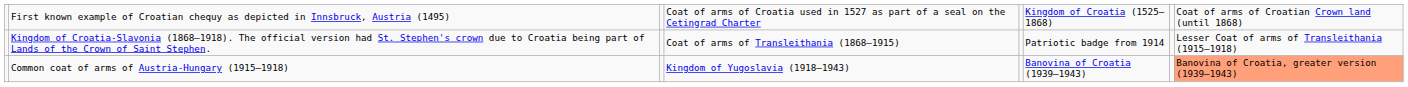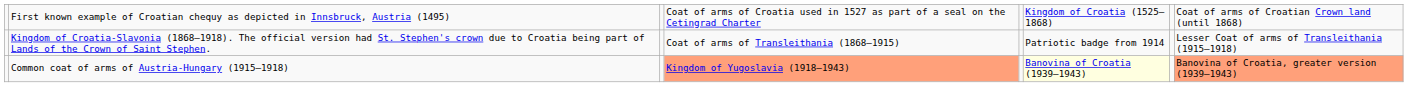 <table class="wikitable">
 <tr>
 <td></td>
 <td>First known example of Croatian chequy as depicted in <a href='#'>Innsbruck</a>, <a href='#'>Austria</a> (1495)</td>
 <td></td>
 <td>Coat of arms of Croatia used in 1527 as part of a seal on the <a href='#'>Cetingrad Charter</a></td>
 <td></td>
 <td><a href='#'>Kingdom of Croatia</a> (1525–1868)</td>
 <td></td>
 <td>Coat of arms of Croatian <a href='#'>Crown land</a> (until 1868)</td>
 </tr>
 <tr>
 <td></td>
 <td><a href='#'>Kingdom of Croatia-Slavonia</a> (1868–1918). The official version had <a href='#'>St. Stephen's crown</a> due to Croatia being part of <a href='#'>Lands of the Crown of Saint Stephen</a>.</td>
 <td></td>
 <td>Coat of arms of <a href='#'>Transleithania</a> (1868–1915)</td>
 <td></td>
 <td>Patriotic badge from 1914</td>
 <td></td>
 <td>Lesser Coat of arms of <a href='#'>Transleithania</a> (1915–1918)</td>
 </tr>
 <tr>
 <td></td>
 <td>Common coat of arms of <a href='#'>Austria-Hungary</a> (1915–1918)</td>
 <td></td>
-<td><a href='#'>Kingdom of Yugoslavia</a> (1918–1943)</td>
+<td style="background: lightsalmon;"><a href='#'>Kingdom of Yugoslavia</a> (1918–1943)</td>
 <td></td>
-<td><a href='#'>Banovina of Croatia</a> (1939–1943)</td>
+<td style="background: lightyellow;"><a href='#'>Banovina of Croatia</a> (1939–1943)</td>
 <td></td>
 <td style="background: lightsalmon;">Banovina of Croatia, greater version (1939–1943)</td>
 </tr>
 </table>
